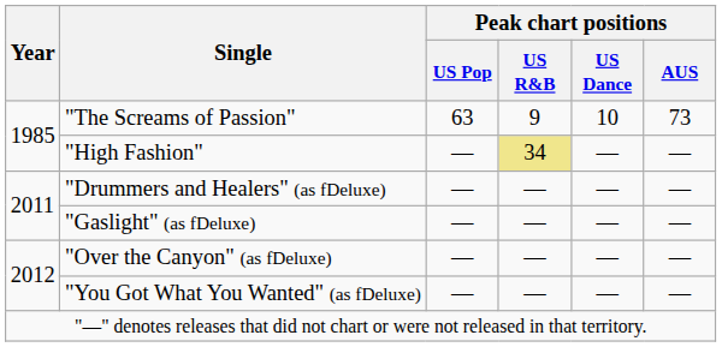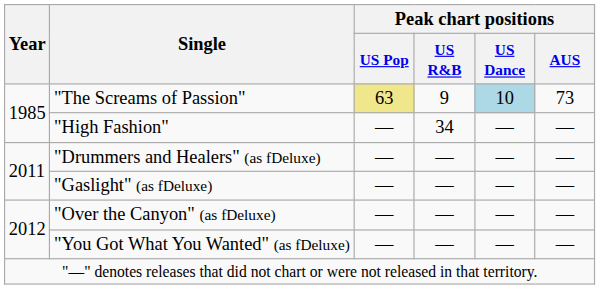 <table class="wikitable">
 <tr>
 <th scope="col" rowspan="2">Year</th>
 <th scope="col" rowspan="2">Single</th>
 <th scope="col" colspan="4">Peak chart positions</th>
 </tr>
 <tr>
 <th style="width:45px;"><small><a href='#'>US Pop</a></small><br></th>
 <th style="width:45px;"><small><a href='#'>US R&B</a></small><br></th>
 <th style="width:45px;"><small><a href='#'>US Dance</a></small><br></th>
 <th style="width:45px;"><small><a href='#'>AUS</a></small><br></th>
 </tr>
 <tr>
 <td rowspan="2">1985</td>
 <td>"The Screams of Passion"</td>
-<td align=center>63</td>
+<td align=center style="background: khaki;">63</td>
 <td align=center>9</td>
-<td align=center>10</td>
+<td align=center style="background: lightblue;">10</td>
 <td align=center>73</td>
 </tr>
 <tr>
 <td>"High Fashion"</td>
 <td align=center>—</td>
-<td align=center style="background: khaki;">34</td>
+<td align=center>34</td>
 <td align=center>—</td>
 <td align=center>—</td>
 </tr>
 <tr>
 <td rowspan="2">2011</td>
 <td>"Drummers and Healers" <small>(as fDeluxe)</small></td>
 <td align=center>—</td>
 <td align=center>—</td>
 <td align=center>—</td>
 <td align=center>—</td>
 </tr>
 <tr>
 <td>"Gaslight" <small>(as fDeluxe)</small></td>
 <td align=center>—</td>
 <td align=center>—</td>
 <td align=center>—</td>
 <td align=center>—</td>
 </tr>
 <tr>
 <td rowspan="2">2012</td>
 <td>"Over the Canyon" <small>(as fDeluxe)</small></td>
 <td align=center>—</td>
 <td align=center>—</td>
 <td align=center>—</td>
 <td align=center>—</td>
 </tr>
 <tr>
 <td>"You Got What You Wanted" <small>(as fDeluxe)</small></td>
 <td align=center>—</td>
 <td align=center>—</td>
 <td align=center>—</td>
 <td align=center>—</td>
 </tr>
 <tr>
 <td colspan="6" style="text-align:center; font-size:85%">"—" denotes releases that did not chart or were not released in that territory.</td>
 </tr>
 </table>
